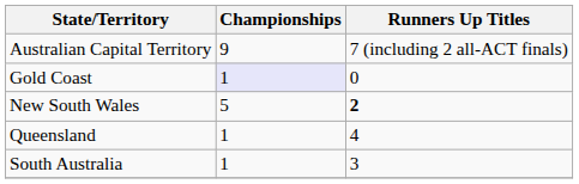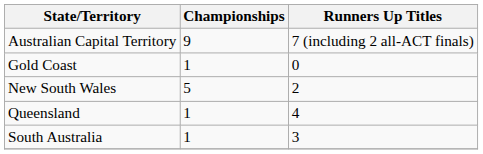 <table class="wikitable">
 <tr>
 <th>State/Territory</th>
 <th>Championships</th>
 <th>Runners Up Titles</th>
 </tr>
 <tr>
 <td> Australian Capital Territory</td>
 <td>9</td>
 <td>7 (including 2 all-ACT finals)</td>
 </tr>
 <tr>
 <td> Gold Coast</td>
-<td style="background: lavender;">1</td>
+<td>1</td>
 <td>0</td>
 </tr>
 <tr>
 <td> New South Wales</td>
 <td>5</td>
-<td><strong>2</strong></td>
+<td>2</td>
 </tr>
 <tr>
 <td> Queensland</td>
 <td>1</td>
 <td>4</td>
 </tr>
 <tr>
 <td> South Australia</td>
 <td>1</td>
 <td>3</td>
 </tr>
 <tr>
 </tr>
 </table>
